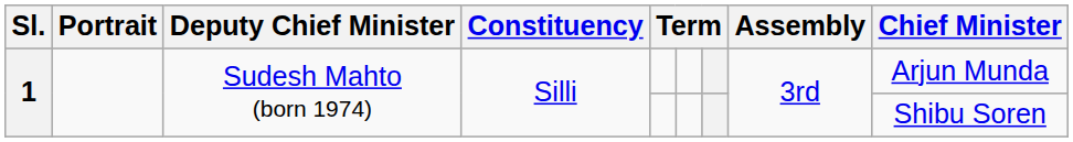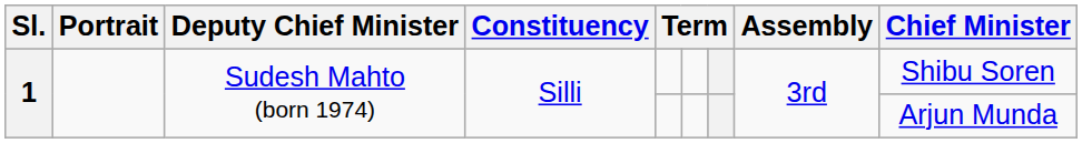 <table class="wikitable sortable" style="text-align:center;">
 <tr>
 <th Style="background-color:">Sl.</th>
 <th Style="background-color:">Portrait</th>
 <th Style="background-color:">Deputy Chief Minister</th>
 <th Style="background-color:"><a href='#'>Constituency</a></th>
 <th colspan="3" Style="background-color:">Term</th>
 <th Style="background-color:">Assembly</th>
 <th Style="background-color:"><a href='#'>Chief Minister</a></th>
 </tr>
 <tr style="text-align:center;">
 <th rowspan=2>1</th>
 <td rowspan=2></td>
 <td rowspan=2><a href='#'>Sudesh Mahto</a><br><small>(born 1974)</small></td>
 <td rowspan=2><a href='#'>Silli</a></td>
 <td></td>
 <td></td>
 <th></th>
 <td rowspan=2><a href='#'>3rd</a></td>
-<td><a href='#'>Arjun Munda</a></td>
+<td><a href='#'>Shibu Soren</a></td>
 </tr>
 <tr>
 <td></td>
 <td></td>
 <th></th>
-<td><a href='#'>Shibu Soren</a></td>
+<td><a href='#'>Arjun Munda</a></td>
 </tr>
 </table>
